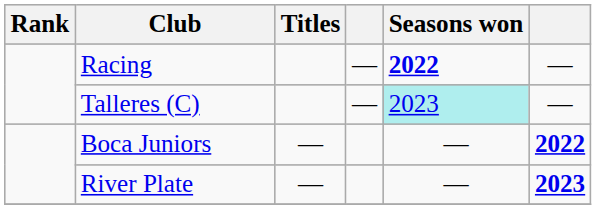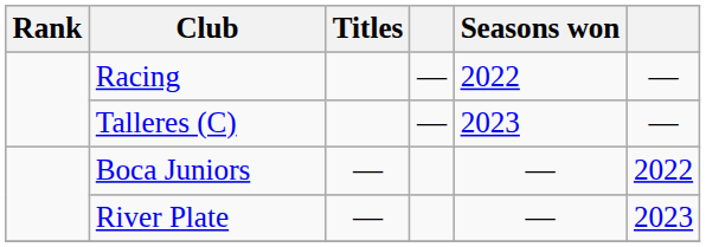 <table class="wikitable sortable">
 <tr>
 <th>Rank</th>
 <th width=120px>Club</th>
 <th scope=col>Titles</th>
 <th scope=col></th>
 <th scope=col>Seasons won</th>
 <th scope=col></th>
 </tr>
 <tr>
 <td rowspan="2"></td>
 <td><a href='#'>Racing</a></td>
 <td></td>
 <td align=center>—</td>
-<td><strong><a href='#'>2022</a></strong></td>
+<td><a href='#'>2022</a></td>
 <td align=center>—</td>
 </tr>
 <tr>
 <td><a href='#'>Talleres (C)</a></td>
 <td></td>
 <td align=center>—</td>
-<td style="background: paleturquoise;"><a href='#'>2023</a></td>
+<td><a href='#'>2023</a></td>
 <td align=center>—</td>
 </tr>
 <tr>
 <td rowspan="2"></td>
 <td><a href='#'>Boca Juniors</a></td>
 <td align=center>—</td>
 <td></td>
 <td align=center>—</td>
-<td><strong><a href='#'>2022</a></strong></td>
+<td><a href='#'>2022</a></td>
 </tr>
 <tr>
 <td><a href='#'>River Plate</a></td>
 <td align=center>—</td>
 <td></td>
 <td align=center>—</td>
-<td><strong><a href='#'>2023</a></strong></td>
+<td><a href='#'>2023</a></td>
 </tr>
 <tr>
 </tr>
 </table>
